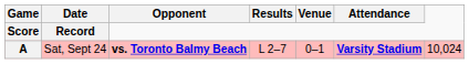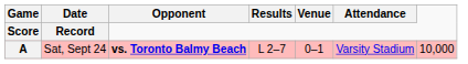 <table class="wikitable" style="text-align:center">
 <tr>
 <th>Game</th>
 <th>Date</th>
 <th>Opponent</th>
 <th>Results</th>
 <th>Venue</th>
 <th>Attendance</th>
 </tr>
 <tr>
 <th>Score</th>
 <th>Record</th>
 </tr>
 <tr style="background:#ffbbbb">
 <th>A</th>
 <td>Sat, Sept 24</td>
 <td><strong>vs. <a href='#'>Toronto Balmy Beach</a></strong></td>
 <td>L 2–7</td>
 <td>0–1</td>
-<td><strong><a href='#'>Varsity Stadium</a></strong></td>
-<td>10,024</td>
+<td><a href='#'>Varsity Stadium</a></td>
+<td>10,000</td>
 </tr>
 </table>
